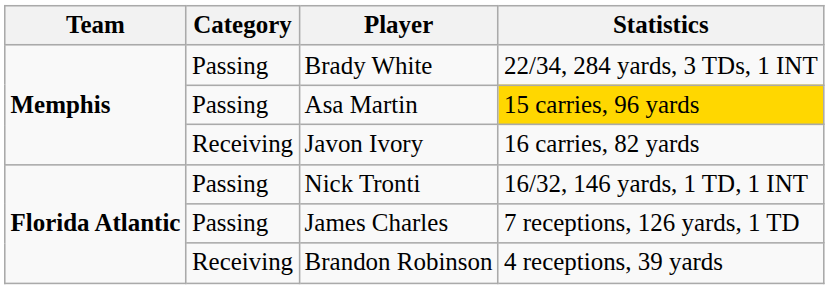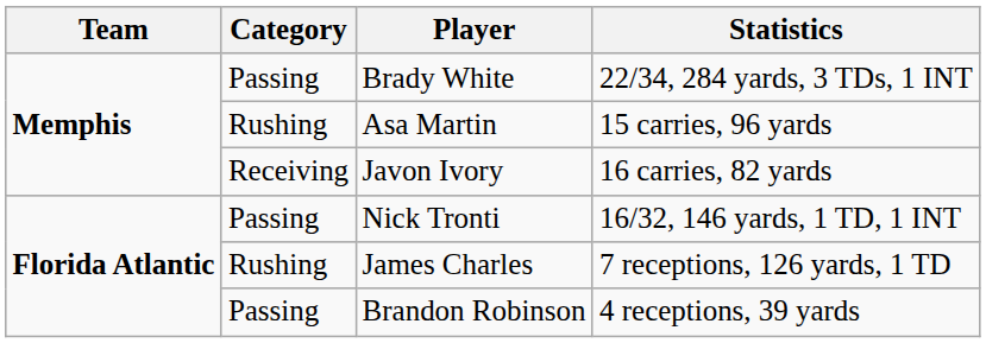 <table class="wikitable" style="float: left;">
 <tr>
 <th>Team</th>
 <th>Category</th>
 <th>Player</th>
 <th>Statistics</th>
 </tr>
 <tr>
 <td rowspan=3><strong>Memphis</strong></td>
 <td>Passing</td>
 <td>Brady White</td>
 <td>22/34, 284 yards, 3 TDs, 1 INT</td>
 </tr>
 <tr>
-<td>Passing</td>
+<td>Rushing</td>
 <td>Asa Martin</td>
-<td style="background: gold;">15 carries, 96 yards</td>
+<td>15 carries, 96 yards</td>
 </tr>
 <tr>
 <td>Receiving</td>
 <td>Javon Ivory</td>
 <td>16 carries, 82 yards</td>
 </tr>
 <tr>
 <td rowspan=3><strong>Florida Atlantic</strong></td>
 <td>Passing</td>
 <td>Nick Tronti</td>
 <td>16/32, 146 yards, 1 TD, 1 INT</td>
 </tr>
 <tr>
-<td>Passing</td>
+<td>Rushing</td>
 <td>James Charles</td>
 <td>7 receptions, 126 yards, 1 TD</td>
 </tr>
 <tr>
-<td>Receiving</td>
+<td>Passing</td>
 <td>Brandon Robinson</td>
 <td>4 receptions, 39 yards</td>
 </tr>
 </table>
